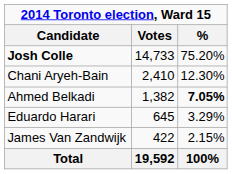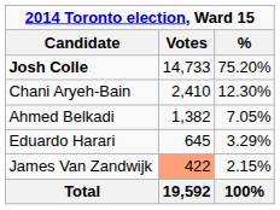 <table class="wikitable">
 <tr>
 <td Colspan="3" align="center"><strong><a href='#'>2014 Toronto election</a>, Ward 15 </strong></td>
 </tr>
 <tr>
 <th bgcolor="#DDDDFF" width="150px">Candidate</th>
 <th bgcolor="#DDDDFF">Votes</th>
 <th bgcolor="#DDDDFF">%</th>
 </tr>
 <tr>
 <td><strong>Josh Colle</strong></td>
 <td align=right>14,733</td>
 <td align=right>75.20%</td>
 </tr>
 <tr>
 <td>Chani Aryeh-Bain</td>
 <td align=right>2,410</td>
 <td align=right>12.30%</td>
 </tr>
 <tr>
 <td>Ahmed Belkadi</td>
 <td align=right>1,382</td>
-<td align=right><strong>7.05%</strong></td>
+<td align=right>7.05%</td>
 </tr>
 <tr>
 <td>Eduardo Harari</td>
 <td align=right>645</td>
 <td align=right>3.29%</td>
 </tr>
 <tr>
 <td>James Van Zandwijk</td>
-<td align=right>422</td>
+<td align=right style="background: lightsalmon;">422</td>
 <td align=right>2.15%</td>
 </tr>
 <tr>
 <th>Total</th>
 <th align=right>19,592</th>
 <th align=right>100%</th>
 </tr>
 </table>
